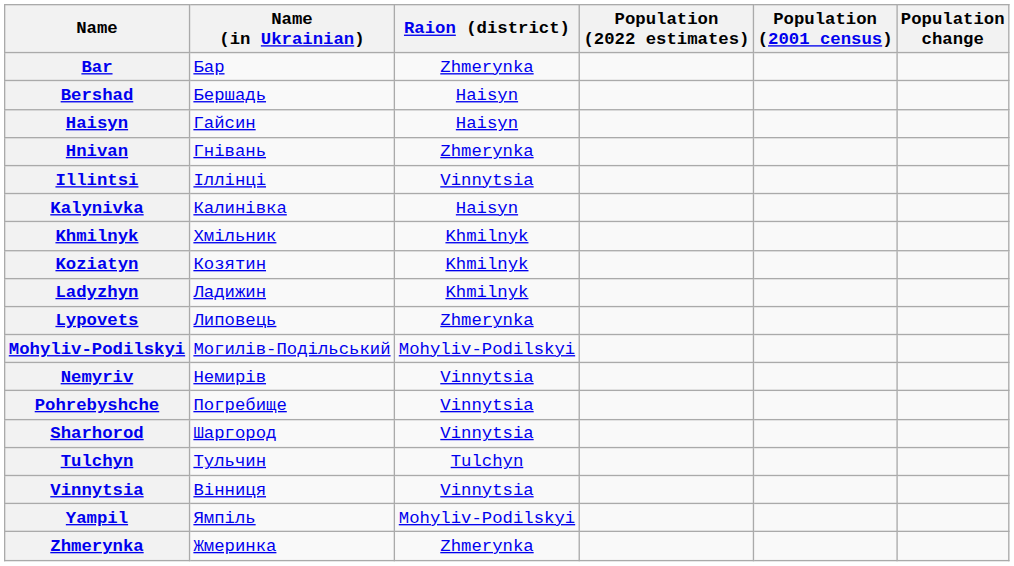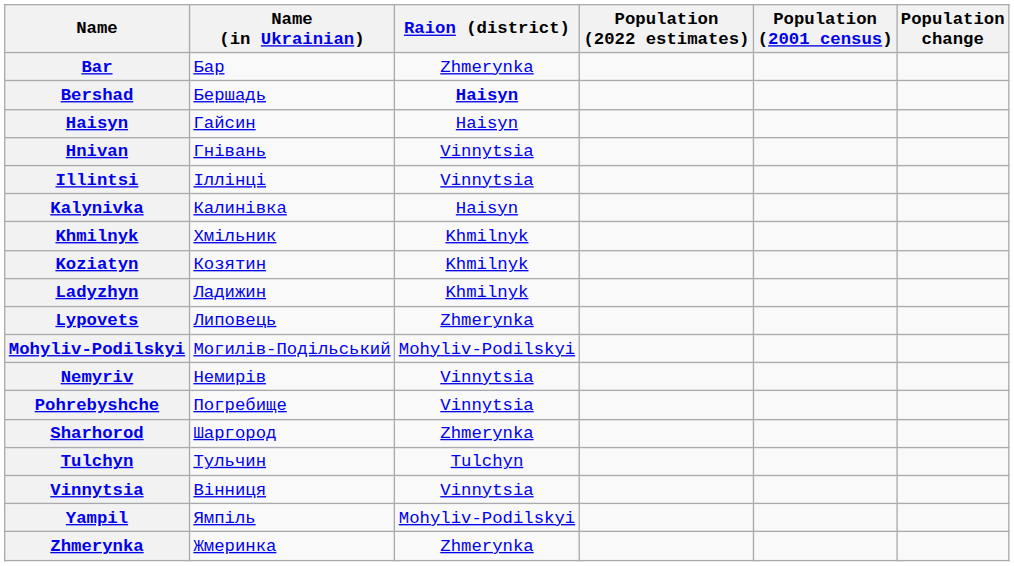 <table class="wikitable sortable" id="Table of cities" caption="Tabulated list of cities in ">
 <tr>
 <th scope="col">Name</th>
 <th scope="col">Name<br>(in <a href='#'>Ukrainian</a>)</th>
 <th scope="col"><a href='#'>Raion</a> (district)</th>
 <th scope="col">Population<br>(2022 estimates)</th>
 <th scope="col">Population<br>(<a href='#'>2001 census</a>)</th>
 <th scope="col">Population<br>change</th>
 </tr>
 <tr>
 <th scope="row" align="left"><a href='#'>Bar</a></th>
 <td><a href='#'>Бар</a></td>
 <td align=center><a href='#'>Zhmerynka</a></td>
 <td align=right></td>
 <td align=right></td>
 <td align=right></td>
 </tr>
 <tr>
 <th scope="row" align="left"><a href='#'>Bershad</a></th>
 <td><a href='#'>Бершадь</a></td>
-<td align=center><a href='#'>Haisyn</a></td>
+<td align=center><strong><a href='#'>Haisyn</a></strong></td>
 <td align=right></td>
 <td align=right></td>
 <td align=right></td>
 </tr>
 <tr>
 <th scope="row" align="left"><a href='#'>Haisyn</a></th>
 <td><a href='#'>Гайсин</a></td>
 <td align=center><a href='#'>Haisyn</a></td>
 <td align=right></td>
 <td align=right></td>
 <td align=right></td>
 </tr>
 <tr>
 <th scope="row" align="left"><a href='#'>Hnivan</a></th>
 <td><a href='#'>Гнівань</a></td>
-<td align=center><a href='#'>Zhmerynka</a></td>
+<td align=center><a href='#'>Vinnytsia</a></td>
 <td align=right></td>
 <td align=right></td>
 <td align=right></td>
 </tr>
 <tr>
 <th scope="row" align="left"><a href='#'>Illintsi</a></th>
 <td><a href='#'>Іллінці</a></td>
 <td align=center><a href='#'>Vinnytsia</a></td>
 <td align=right></td>
 <td align=right></td>
 <td align=right></td>
 </tr>
 <tr>
 <th scope="row" align="left"><a href='#'>Kalynivka</a></th>
 <td><a href='#'>Калинівка</a></td>
 <td align=center><a href='#'>Haisyn</a></td>
 <td align=right></td>
 <td align=right></td>
 <td align=right></td>
 </tr>
 <tr>
 <th scope="row" align="left"><a href='#'>Khmilnyk</a></th>
 <td><a href='#'>Хмільник</a></td>
 <td align=center><a href='#'>Khmilnyk</a></td>
 <td align=right></td>
 <td align=right></td>
 <td align=right></td>
 </tr>
 <tr>
 <th scope="row" align="left"><a href='#'>Koziatyn</a></th>
 <td><a href='#'>Козятин</a></td>
 <td align=center><a href='#'>Khmilnyk</a></td>
 <td align=right></td>
 <td align=right></td>
 <td align=right></td>
 </tr>
 <tr>
 <th scope="row" align="left"><a href='#'>Ladyzhyn</a></th>
 <td><a href='#'>Ладижин</a></td>
 <td align=center><a href='#'>Khmilnyk</a></td>
 <td align=right></td>
 <td align=right></td>
 <td align=right></td>
 </tr>
 <tr>
 <th scope="row" align="left"><a href='#'>Lypovets</a></th>
 <td><a href='#'>Липовець</a></td>
 <td align=center><a href='#'>Zhmerynka</a></td>
 <td align=right></td>
 <td align=right></td>
 <td align=right></td>
 </tr>
 <tr>
 <th scope="row" align="left"><a href='#'>Mohyliv-Podilskyi</a></th>
 <td><a href='#'>Могилів-Подільський</a></td>
 <td align=center><a href='#'>Mohyliv-Podilskyi</a></td>
 <td align=right></td>
 <td align=right></td>
 <td align=right></td>
 </tr>
 <tr>
 <th scope="row" align="left"><a href='#'>Nemyriv</a></th>
 <td><a href='#'>Немирів</a></td>
 <td align=center><a href='#'>Vinnytsia</a></td>
 <td align=right></td>
 <td align=right></td>
 <td align=right></td>
 </tr>
 <tr>
 <th scope="row" align="left"><a href='#'>Pohrebyshche</a></th>
 <td><a href='#'>Погребище</a></td>
 <td align=center><a href='#'>Vinnytsia</a></td>
 <td align=right></td>
 <td align=right></td>
 <td align=right></td>
 </tr>
 <tr>
 <th scope="row" align="left"><a href='#'>Sharhorod</a></th>
 <td><a href='#'>Шаргород</a></td>
-<td align=center><a href='#'>Vinnytsia</a></td>
+<td align=center><a href='#'>Zhmerynka</a></td>
 <td align=right></td>
 <td align=right></td>
 <td align=right></td>
 </tr>
 <tr>
 <th scope="row" align="left"><a href='#'>Tulchyn</a></th>
 <td><a href='#'>Тульчин</a></td>
 <td align=center><a href='#'>Tulchyn</a></td>
 <td align=right></td>
 <td align=right></td>
 <td align=right></td>
 </tr>
 <tr>
 <th scope="row" align="left"><a href='#'>Vinnytsia</a></th>
 <td><a href='#'>Вінниця</a></td>
 <td align=center><a href='#'>Vinnytsia</a></td>
 <td align=right></td>
 <td align=right></td>
 <td align=right></td>
 </tr>
 <tr>
 <th scope="row" align="left"><a href='#'>Yampil</a></th>
 <td><a href='#'>Ямпіль</a></td>
 <td align=center><a href='#'>Mohyliv-Podilskyi</a></td>
 <td align=right></td>
 <td align=right></td>
 <td align=right></td>
 </tr>
 <tr>
 <th scope="row" align="left"><a href='#'>Zhmerynka</a></th>
 <td><a href='#'>Жмеринка</a></td>
 <td align=center><a href='#'>Zhmerynka</a></td>
 <td align=right></td>
 <td align=right></td>
 <td align=right></td>
 </tr>
 </table>
